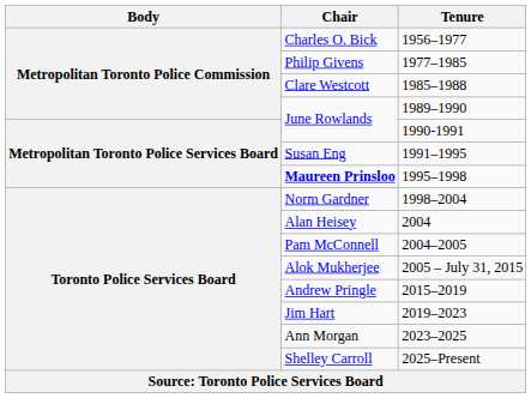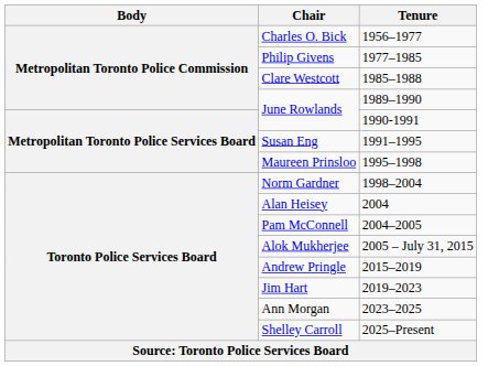 <table class="wikitable">
 <tr>
 <th>Body</th>
 <th>Chair</th>
 <th>Tenure</th>
 </tr>
 <tr>
 <th rowspan="4"><strong>Metropolitan Toronto Police Commission</strong></th>
 <td><a href='#'>Charles O. Bick</a></td>
 <td>1956–1977</td>
 </tr>
 <tr>
 <td><a href='#'>Philip Givens</a></td>
 <td>1977–1985</td>
 </tr>
 <tr>
 <td><a href='#'>Clare Westcott</a></td>
 <td>1985–1988</td>
 </tr>
 <tr>
 <td rowspan="2"><a href='#'>June Rowlands</a></td>
 <td>1989–1990</td>
 </tr>
 <tr>
 <th rowspan="3"><strong>Metropolitan Toronto Police Services Board</strong></th>
 <td>1990-1991</td>
 </tr>
 <tr>
 <td><a href='#'>Susan Eng</a></td>
 <td>1991–1995</td>
 </tr>
 <tr>
-<td><strong><a href='#'>Maureen Prinsloo</a></strong></td>
+<td><a href='#'>Maureen Prinsloo</a></td>
 <td>1995–1998</td>
 </tr>
 <tr>
 <th rowspan="8"><strong>Toronto Police Services Board</strong></th>
 <td><a href='#'>Norm Gardner</a></td>
 <td>1998–2004</td>
 </tr>
 <tr>
 <td><a href='#'>Alan Heisey</a></td>
 <td>2004</td>
 </tr>
 <tr>
 <td><a href='#'>Pam McConnell</a></td>
 <td>2004–2005</td>
 </tr>
 <tr>
 <td><a href='#'>Alok Mukherjee</a></td>
 <td>2005 – July 31, 2015</td>
 </tr>
 <tr>
 <td><a href='#'>Andrew Pringle</a></td>
 <td>2015–2019</td>
 </tr>
 <tr>
 <td><a href='#'>Jim Hart</a></td>
 <td>2019–2023</td>
 </tr>
 <tr>
 <td>Ann Morgan</td>
 <td>2023–2025</td>
 </tr>
 <tr>
 <td><a href='#'>Shelley Carroll</a></td>
 <td>2025–Present</td>
 </tr>
 <tr>
 <th colspan="3">Source: Toronto Police Services Board</th>
 </tr>
 </table>
